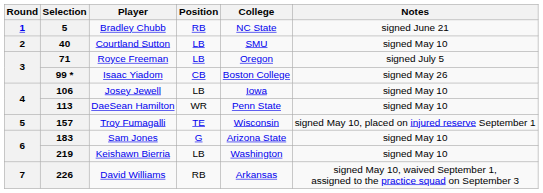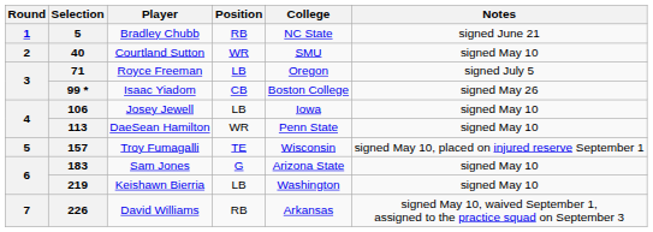 <table class="wikitable" style="text-align:center">
 <tr>
 <th>Round</th>
 <th>Selection</th>
 <th>Player</th>
 <th>Position</th>
 <th>College</th>
 <th>Notes</th>
 </tr>
 <tr>
 <th><a href='#'>1</a></th>
 <th>5</th>
 <td><a href='#'>Bradley Chubb</a></td>
 <td><a href='#'>RB</a></td>
 <td><a href='#'>NC State</a></td>
 <td>signed June 21</td>
 </tr>
 <tr>
 <th>2</th>
 <th>40</th>
 <td><a href='#'>Courtland Sutton</a></td>
-<td><a href='#'>LB</a></td>
+<td><a href='#'>WR</a></td>
 <td><a href='#'>SMU</a></td>
 <td>signed May 10</td>
 </tr>
 <tr>
 <th rowspan="2">3</th>
 <th>71</th>
 <td><a href='#'>Royce Freeman</a></td>
 <td><a href='#'>LB</a></td>
 <td><a href='#'>Oregon</a></td>
 <td>signed July 5</td>
 </tr>
 <tr>
 <th>99 *</th>
 <td><a href='#'>Isaac Yiadom</a></td>
 <td><a href='#'>CB</a></td>
 <td><a href='#'>Boston College</a></td>
 <td>signed May 26</td>
 </tr>
 <tr>
 <th rowspan="2">4</th>
 <th>106</th>
 <td><a href='#'>Josey Jewell</a></td>
 <td>LB</td>
 <td><a href='#'>Iowa</a></td>
 <td>signed May 10</td>
 </tr>
 <tr>
 <th>113</th>
 <td><a href='#'>DaeSean Hamilton</a></td>
 <td>WR</td>
 <td><a href='#'>Penn State</a></td>
 <td>signed May 10</td>
 </tr>
 <tr>
 <th>5</th>
 <th>157</th>
 <td><a href='#'>Troy Fumagalli</a></td>
 <td><a href='#'>TE</a></td>
 <td><a href='#'>Wisconsin</a></td>
 <td>signed May 10, placed on <a href='#'>injured reserve</a> September 1</td>
 </tr>
 <tr>
 <th rowspan="2">6</th>
 <th>183</th>
 <td><a href='#'>Sam Jones</a></td>
 <td><a href='#'>G</a></td>
 <td><a href='#'>Arizona State</a></td>
 <td>signed May 10</td>
 </tr>
 <tr>
 <th>219</th>
 <td><a href='#'>Keishawn Bierria</a></td>
 <td>LB</td>
 <td><a href='#'>Washington</a></td>
 <td>signed May 10</td>
 </tr>
 <tr>
 <th>7</th>
 <th>226</th>
 <td><a href='#'>David Williams</a></td>
 <td>RB</td>
 <td><a href='#'>Arkansas</a></td>
 <td>signed May 10, waived September 1,<br>assigned to the <a href='#'>practice squad</a> on September 3</td>
 </tr>
 </table>
